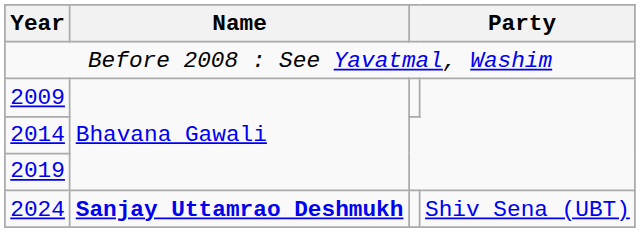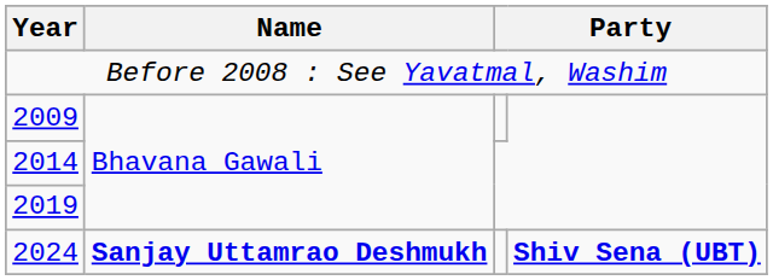 <table class="wikitable">
 <tr>
 <th>Year</th>
 <th>Name</th>
 <th colspan="2">Party</th>
 </tr>
 <tr>
 <td colspan=4 align=center><em>Before 2008 : See <a href='#'>Yavatmal</a>, <a href='#'>Washim</a></em></td>
 </tr>
 <tr>
 <td><a href='#'>2009</a></td>
 <td rowspan="3"><a href='#'>Bhavana Gawali</a></td>
 <td></td>
 </tr>
 <tr>
 <td><a href='#'>2014</a></td>
 </tr>
 <tr>
 <td><a href='#'>2019</a></td>
 </tr>
 <tr>
 <td><a href='#'>2024</a></td>
 <td><strong><a href='#'>Sanjay Uttamrao Deshmukh</a></strong></td>
 <td style="background-color: "></td>
-<td><a href='#'>Shiv Sena (UBT)</a></td>
+<td><strong><a href='#'>Shiv Sena (UBT)</a></strong></td>
 </tr>
 </table>
